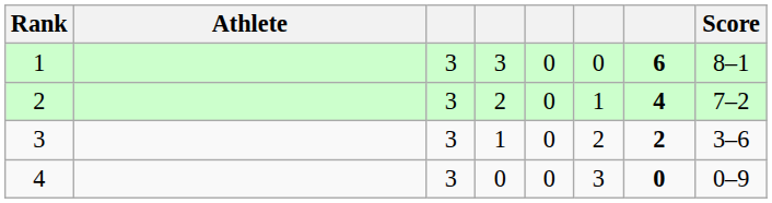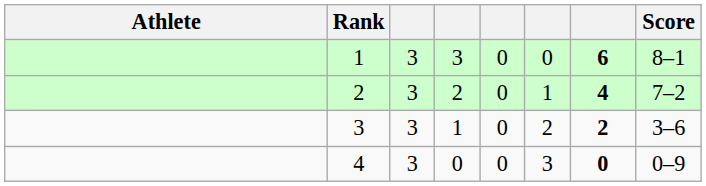 <table class="wikitable" style="text-align: center;">
 <tr>
+<th width=225>Athlete</th>
 <th width=25>Rank</th>
-<th width=225>Athlete</th>
 <th width=25></th>
 <th width=25></th>
 <th width=25></th>
 <th width=25></th>
 <th width=40></th>
 <th width=40>Score</th>
 </tr>
 <tr bgcolor=ccffcc>
+<td align=left></td>
 <td>1</td>
-<td align=left></td>
 <td>3</td>
 <td>3</td>
 <td>0</td>
 <td>0</td>
 <td><strong>6</strong></td>
 <td>8–1</td>
 </tr>
 <tr bgcolor=ccffcc>
+<td align=left></td>
 <td>2</td>
-<td align=left></td>
 <td>3</td>
 <td>2</td>
 <td>0</td>
 <td>1</td>
 <td><strong>4</strong></td>
 <td>7–2</td>
 </tr>
 <tr>
+<td align=left></td>
 <td>3</td>
-<td align=left></td>
 <td>3</td>
 <td>1</td>
 <td>0</td>
 <td>2</td>
 <td><strong>2</strong></td>
 <td>3–6</td>
 </tr>
 <tr>
+<td align=left></td>
 <td>4</td>
-<td align=left></td>
 <td>3</td>
 <td>0</td>
 <td>0</td>
 <td>3</td>
 <td><strong>0</strong></td>
 <td>0–9</td>
 </tr>
 </table>
